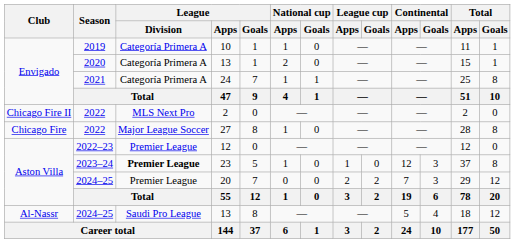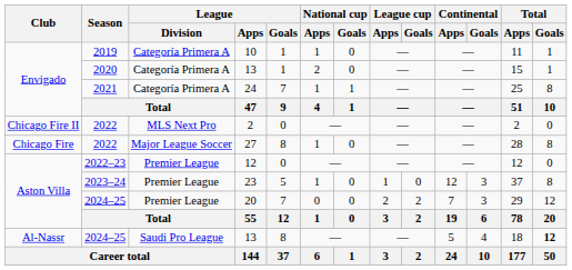 <table class="wikitable" style="text-align: center">
 <tr>
 <th rowspan="2">Club</th>
 <th rowspan="2">Season</th>
 <th colspan="3">League</th>
 <th colspan="2">National cup</th>
 <th colspan="2">League cup</th>
 <th colspan="2">Continental</th>
 <th colspan="2">Total</th>
 </tr>
 <tr>
 <th>Division</th>
 <th>Apps</th>
 <th>Goals</th>
 <th>Apps</th>
 <th>Goals</th>
 <th>Apps</th>
 <th>Goals</th>
 <th>Apps</th>
 <th>Goals</th>
 <th>Apps</th>
 <th>Goals</th>
 </tr>
 <tr>
 <td rowspan="4"><a href='#'>Envigado</a></td>
 <td><a href='#'>2019</a></td>
 <td><a href='#'>Categoría Primera A</a></td>
 <td>10</td>
 <td>1</td>
 <td>1</td>
 <td>0</td>
 <td colspan="2">—</td>
 <td colspan="2">—</td>
 <td>11</td>
 <td>1</td>
 </tr>
 <tr>
 <td><a href='#'>2020</a></td>
 <td>Categoría Primera A</td>
 <td>13</td>
 <td>1</td>
 <td>2</td>
 <td>0</td>
 <td colspan="2">—</td>
 <td colspan="2">—</td>
 <td>15</td>
 <td>1</td>
 </tr>
 <tr>
 <td><a href='#'>2021</a></td>
 <td>Categoría Primera A</td>
 <td>24</td>
 <td>7</td>
 <td>1</td>
 <td>1</td>
 <td colspan="2">—</td>
 <td colspan="2">—</td>
 <td>25</td>
 <td>8</td>
 </tr>
 <tr>
 <th colspan="2">Total</th>
 <th>47</th>
 <th>9</th>
 <th>4</th>
 <th>1</th>
 <th colspan="2">—</th>
 <th colspan="2">—</th>
 <th>51</th>
 <th>10</th>
 </tr>
 <tr>
 <td><a href='#'>Chicago Fire II</a></td>
 <td><a href='#'>2022</a></td>
 <td><a href='#'>MLS Next Pro</a></td>
 <td>2</td>
 <td>0</td>
 <td colspan="2">—</td>
 <td colspan="2">—</td>
 <td colspan="2">—</td>
 <td>2</td>
 <td>0</td>
 </tr>
 <tr>
 <td><a href='#'>Chicago Fire</a></td>
 <td><a href='#'>2022</a></td>
 <td><a href='#'>Major League Soccer</a></td>
 <td>27</td>
 <td>8</td>
 <td>1</td>
 <td>0</td>
 <td colspan="2">—</td>
 <td colspan="2">—</td>
 <td>28</td>
 <td>8</td>
 </tr>
 <tr>
 <td rowspan="4"><a href='#'>Aston Villa</a></td>
 <td><a href='#'>2022–23</a></td>
 <td><a href='#'>Premier League</a></td>
 <td>12</td>
 <td>0</td>
 <td colspan="2">—</td>
 <td colspan="2">—</td>
 <td colspan="2">—</td>
 <td>12</td>
 <td>0</td>
 </tr>
 <tr>
 <td><a href='#'>2023–24</a></td>
-<td><strong>Premier League</strong></td>
+<td>Premier League</td>
 <td>23</td>
 <td>5</td>
 <td>1</td>
 <td>0</td>
 <td>1</td>
 <td>0</td>
 <td>12</td>
 <td>3</td>
 <td>37</td>
 <td>8</td>
 </tr>
 <tr>
 <td><a href='#'>2024–25</a></td>
 <td>Premier League</td>
 <td>20</td>
 <td>7</td>
 <td>0</td>
 <td>0</td>
 <td>2</td>
 <td>2</td>
 <td>7</td>
 <td>3</td>
 <td>29</td>
 <td>12</td>
 </tr>
 <tr>
 <th colspan="2">Total</th>
 <th>55</th>
 <th>12</th>
 <th>1</th>
 <th>0</th>
 <th>3</th>
 <th>2</th>
 <th>19</th>
 <th>6</th>
 <th>78</th>
 <th>20</th>
 </tr>
 <tr>
 <td><a href='#'>Al-Nassr</a></td>
 <td><a href='#'>2024–25</a></td>
 <td><a href='#'>Saudi Pro League</a></td>
 <td>13</td>
 <td>8</td>
 <td colspan="2">—</td>
 <td colspan="2">—</td>
 <td>5</td>
 <td>4</td>
 <td>18</td>
-<td>12</td>
+<td><strong>12</strong></td>
 </tr>
 <tr>
 <th colspan="3">Career total</th>
 <th>144</th>
 <th>37</th>
 <th>6</th>
 <th>1</th>
 <th>3</th>
 <th>2</th>
 <th>24</th>
 <th>10</th>
 <th>177</th>
 <th>50</th>
 </tr>
 </table>
